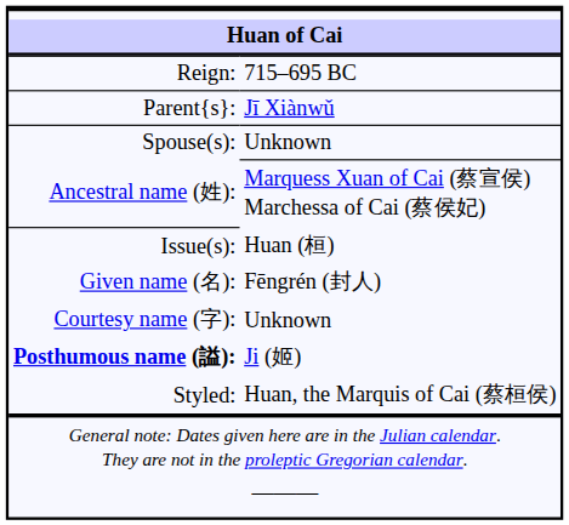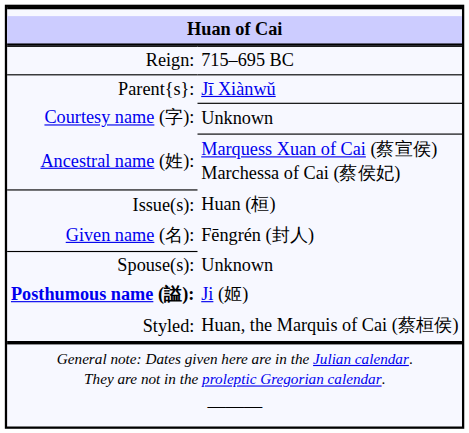 <table cellpadding=3px cellspacing=0px bgcolor=#f7f8ff style="float:right; border:2px solid; margin:5px">
 <tr>
 <td colspan=2 align=center style="border-top:2px solid"></td>
 </tr>
 <tr>
 <th align=center style="background:#ccf; border-bottom:2px solid" colspan=2>Huan of Cai</th>
 </tr>
 <tr>
 <td align=right style="border-top:1px solid">Reign:</td>
 <td style="border-top:1px solid">715–695 BC</td>
 </tr>
 <tr>
 <td align=right style="border-top:1px solid">Parent{s}:</td>
 <td style="border-top:1px solid"><a href='#'>Jī Xiànwǔ</a></td>
 </tr>
 <tr>
-<td align=right style="border-top:1px solid">Spouse(s):</td>
+<td align="right"><a href='#'>Courtesy name</a> (字):</td>
 <td style="border-top:1px solid">Unknown</td>
 </tr>
 <tr>
 <td align="right"><a href='#'>Ancestral name</a> (姓):</td>
 <td style="border-top:1px solid"><a href='#'>Marquess Xuan of Cai</a> (蔡宣侯) <br> Marchessa of Cai (蔡侯妃)</td>
 </tr>
 <tr>
 <td align=right style="border-top:1px solid">Issue(s):</td>
 <td>Huan (桓)</td>
 </tr>
 <tr>
 <td align="right"><a href='#'>Given name</a> (名):</td>
 <td>Fēngrén (封人)</td>
 </tr>
 <tr>
-<td align="right"><a href='#'>Courtesy name</a> (字):</td>
+<td align=right style="border-top:1px solid">Spouse(s):</td>
 <td>Unknown</td>
 </tr>
 <tr>
 <td align="right" nowrap="nowrap"><strong><a href='#'>Posthumous name</a> (謚):</strong></td>
 <td><a href='#'>Ji</a> (姬)</td>
 </tr>
 <tr>
 <td align="right">Styled:</td>
 <td>Huan, the Marquis of Cai (蔡桓侯)</td>
 </tr>
 <tr>
 <td colspan=2 align=center style="border-top:3px solid"><small><em>General note: Dates given here are in the <a href='#'>Julian calendar</a></em>.<br><em>They are not in the <a href='#'>proleptic Gregorian calendar</a></em>.</small></td>
 </tr>
 <tr>
 <td colspan=2 align=center>———</td>
 </tr>
 <tr>
 <td></td>
 </tr>
 <tr>
 </tr>
 </table>
